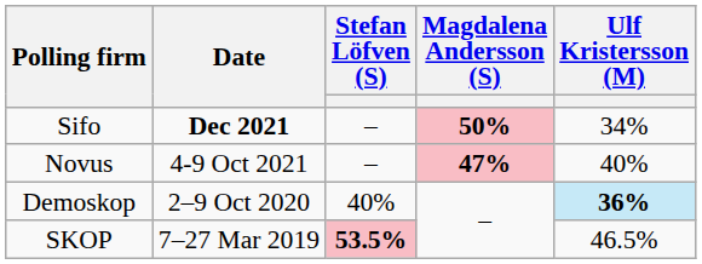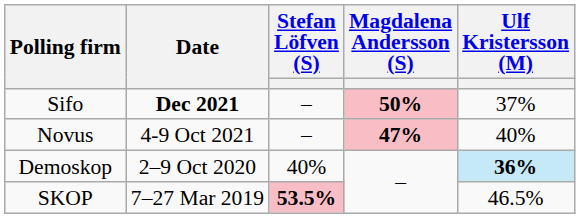 <table class="wikitable sortable" style="text-align:center;font-size:90%;line-height:14px;">
 <tr style="height:40px;">
 <th rowspan="2">Polling firm</th>
 <th rowspan="2">Date</th>
 <th class="sortable" style="width:40px;"><a href='#'>Stefan Löfven (S)</a></th>
 <th class="sortable" style="width:40px;"><a href='#'>Magdalena Andersson (S)</a></th>
 <th class="sortable" style="width:40px;"><a href='#'>Ulf Kristersson (M)</a></th>
 </tr>
 <tr>
 <th style="background:"></th>
 <th style="background:"></th>
 <th style="background:"></th>
 </tr>
 <tr>
 <td>Sifo</td>
 <td><strong>Dec 2021</strong></td>
 <td>–</td>
 <td style="background:#F9BDC5;"><strong>50%</strong></td>
-<td>34%</td>
+<td>37%</td>
 </tr>
 <tr>
 <td>Novus</td>
 <td>4-9 Oct 2021</td>
 <td>–</td>
 <td style="background:#F9BDC5;"><strong>47%</strong></td>
 <td>40%</td>
 </tr>
 <tr>
 <td>Demoskop</td>
 <td>2–9 Oct 2020</td>
 <td>40%</td>
 <td rowspan="2">–</td>
 <td style="background:#C6E9F7;"><strong>36%</strong></td>
 </tr>
 <tr>
 <td>SKOP</td>
 <td>7–27 Mar 2019</td>
 <td style="background:#F9BDC5;"><strong>53.5%</strong></td>
 <td>46.5%</td>
 </tr>
 </table>
